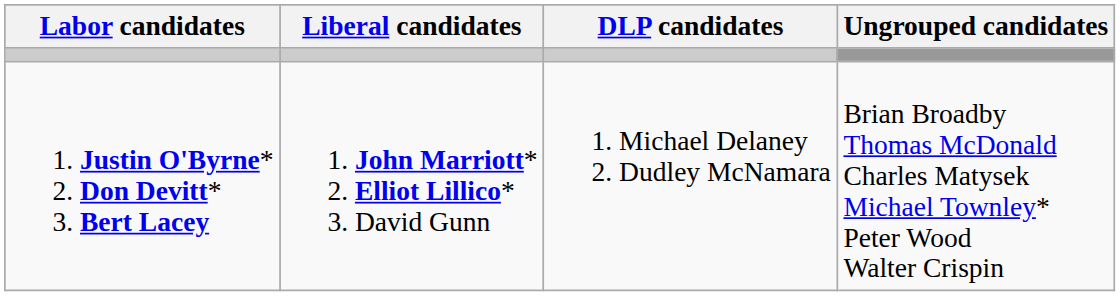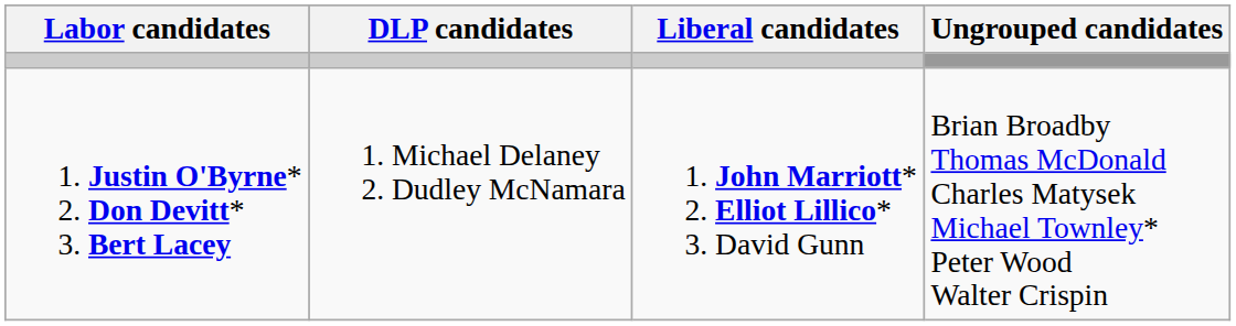 <table class="wikitable">
 <tr>
 <th><a href='#'>Labor</a> candidates</th>
+<th><a href='#'>DLP</a> candidates</th>
 <th><a href='#'>Liberal</a> candidates</th>
-<th><a href='#'>DLP</a> candidates</th>
 <th>Ungrouped candidates</th>
 </tr>
 <tr bgcolor="#cccccc">
 <td></td>
 <td></td>
 <td></td>
 <td bgcolor="#999999"></td>
 </tr>
 <tr>
 <td><br><ol><li><strong><a href='#'>Justin O'Byrne</a></strong>*</li><li><strong><a href='#'>Don Devitt</a></strong>*</li><li><strong><a href='#'>Bert Lacey</a></strong></li></ol></td>
+<td valign=top><br><ol><li>Michael Delaney</li><li>Dudley McNamara</li></ol></td>
 <td><br><ol><li><strong><a href='#'>John Marriott</a></strong>*</li><li><strong><a href='#'>Elliot Lillico</a></strong>*</li><li>David Gunn</li></ol></td>
-<td valign=top><br><ol><li>Michael Delaney</li><li>Dudley McNamara</li></ol></td>
 <td><br>Brian Broadby<br> <a href='#'>Thomas McDonald</a><br> Charles Matysek<br> <a href='#'>Michael Townley</a>*<br> Peter Wood<br> Walter Crispin</td>
 </tr>
 </table>
